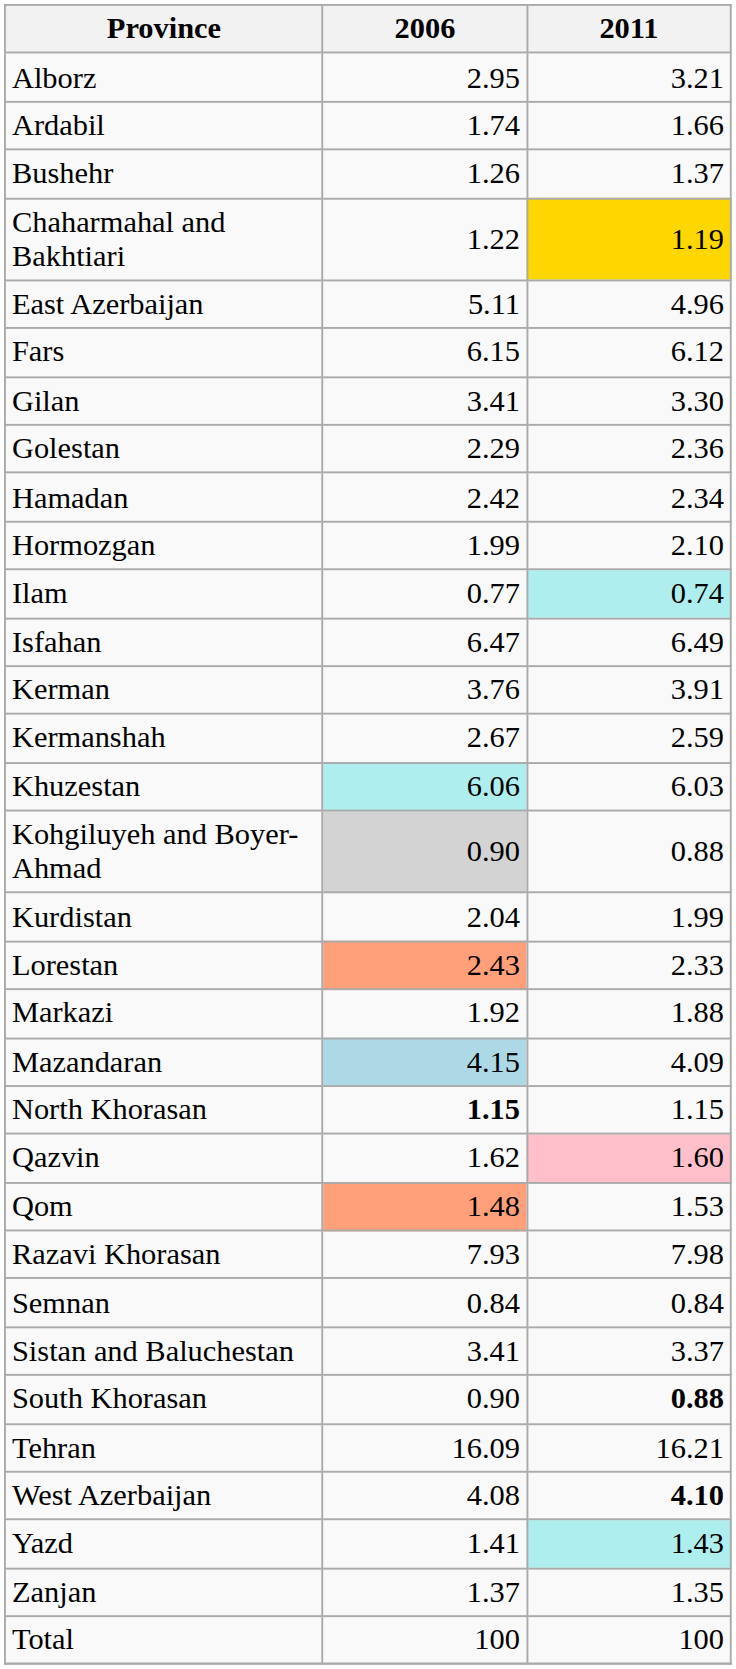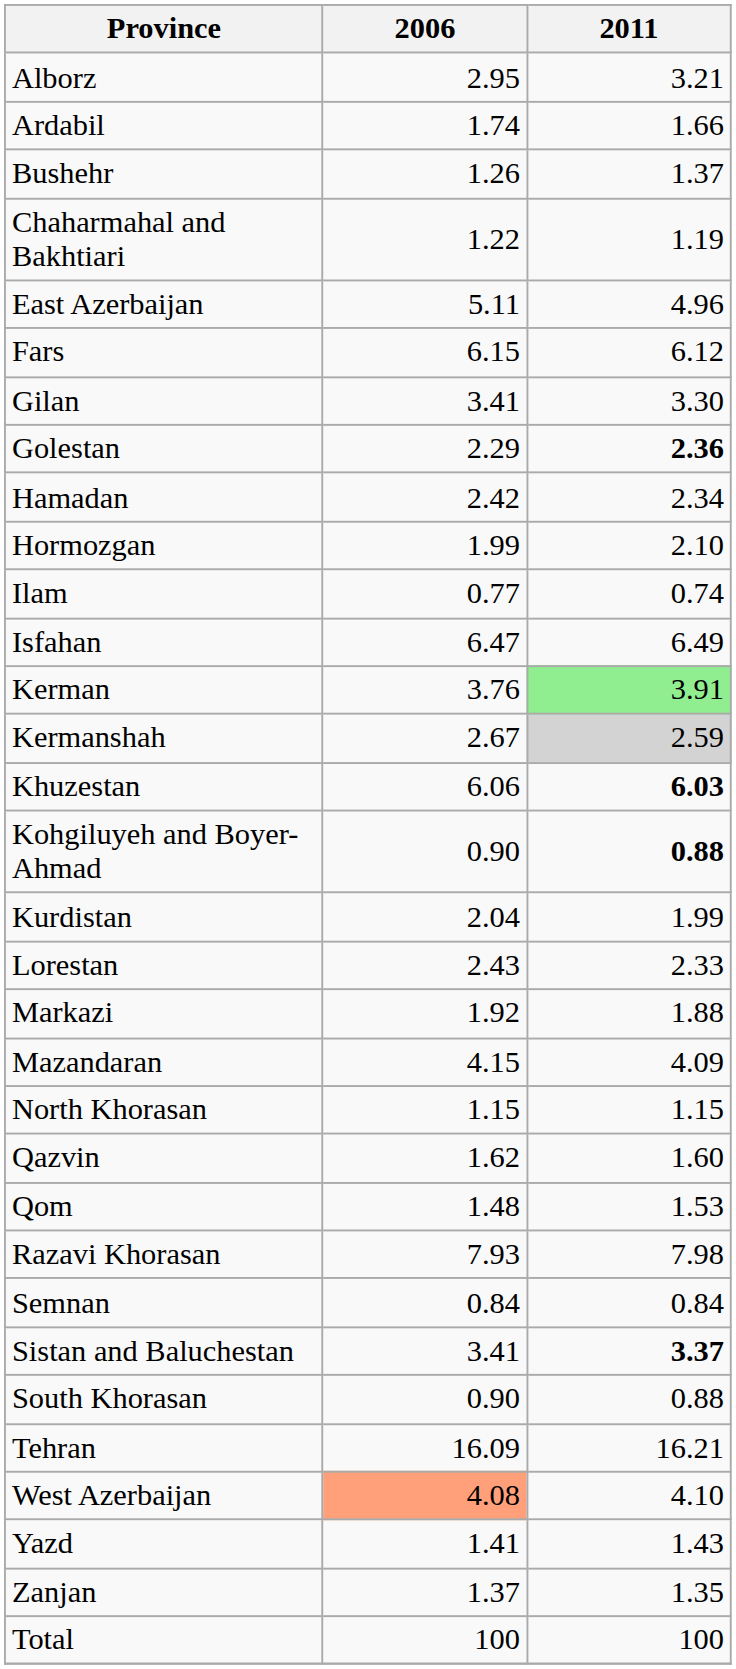 <table class="wikitable sortable">
 <tr>
 <th width="160">Province</th>
 <th width="100">2006</th>
 <th width="100">2011</th>
 </tr>
 <tr>
 <td align="left">Alborz</td>
 <td align="right">2.95</td>
 <td align="right">3.21</td>
 </tr>
 <tr>
 <td align="left">Ardabil</td>
 <td align="right">1.74</td>
 <td align="right">1.66</td>
 </tr>
 <tr>
 <td align="left">Bushehr</td>
 <td align="right">1.26</td>
 <td align="right">1.37</td>
 </tr>
 <tr>
 <td align="left">Chaharmahal and Bakhtiari</td>
 <td align="right">1.22</td>
-<td align="right" style="background: gold;">1.19</td>
+<td align="right">1.19</td>
 </tr>
 <tr>
 <td align="left">East Azerbaijan</td>
 <td align="right">5.11</td>
 <td align="right">4.96</td>
 </tr>
 <tr>
 <td align="left">Fars</td>
 <td align="right">6.15</td>
 <td align="right">6.12</td>
 </tr>
 <tr>
 <td align="left">Gilan</td>
 <td align="right">3.41</td>
 <td align="right">3.30</td>
 </tr>
 <tr>
 <td align="left">Golestan</td>
 <td align="right">2.29</td>
-<td align="right">2.36</td>
+<td align="right"><strong>2.36</strong></td>
 </tr>
 <tr>
 <td align="left">Hamadan</td>
 <td align="right">2.42</td>
 <td align="right">2.34</td>
 </tr>
 <tr>
 <td align="left">Hormozgan</td>
 <td align="right">1.99</td>
 <td align="right">2.10</td>
 </tr>
 <tr>
 <td align="left">Ilam</td>
 <td align="right">0.77</td>
-<td align="right" style="background: paleturquoise;">0.74</td>
+<td align="right">0.74</td>
 </tr>
 <tr>
 <td align="left">Isfahan</td>
 <td align="right">6.47</td>
 <td align="right">6.49</td>
 </tr>
 <tr>
 <td align="left">Kerman</td>
 <td align="right">3.76</td>
-<td align="right">3.91</td>
+<td align="right" style="background: lightgreen;">3.91</td>
 </tr>
 <tr>
 <td align="left">Kermanshah</td>
 <td align="right">2.67</td>
-<td align="right">2.59</td>
+<td align="right" style="background: lightgrey;">2.59</td>
 </tr>
 <tr>
 <td align="left">Khuzestan</td>
-<td align="right" style="background: paleturquoise;">6.06</td>
-<td align="right">6.03</td>
+<td align="right">6.06</td>
+<td align="right"><strong>6.03</strong></td>
 </tr>
 <tr>
 <td align="left">Kohgiluyeh and Boyer-Ahmad</td>
-<td align="right" style="background: lightgrey;">0.90</td>
-<td align="right">0.88</td>
+<td align="right">0.90</td>
+<td align="right"><strong>0.88</strong></td>
 </tr>
 <tr>
 <td align="left">Kurdistan</td>
 <td align="right">2.04</td>
 <td align="right">1.99</td>
 </tr>
 <tr>
 <td align="left">Lorestan</td>
-<td align="right" style="background: lightsalmon;">2.43</td>
+<td align="right">2.43</td>
 <td align="right">2.33</td>
 </tr>
 <tr>
 <td align="left">Markazi</td>
 <td align="right">1.92</td>
 <td align="right">1.88</td>
 </tr>
 <tr>
 <td align="left">Mazandaran</td>
-<td align="right" style="background: lightblue;">4.15</td>
+<td align="right">4.15</td>
 <td align="right">4.09</td>
 </tr>
 <tr>
 <td align="left">North Khorasan</td>
-<td align="right"><strong>1.15</strong></td>
+<td align="right">1.15</td>
 <td align="right">1.15</td>
 </tr>
 <tr>
 <td align="left">Qazvin</td>
 <td align="right">1.62</td>
-<td align="right" style="background: pink;">1.60</td>
+<td align="right">1.60</td>
 </tr>
 <tr>
 <td align="left">Qom</td>
-<td align="right" style="background: lightsalmon;">1.48</td>
+<td align="right">1.48</td>
 <td align="right">1.53</td>
 </tr>
 <tr>
 <td align="left">Razavi Khorasan</td>
 <td align="right">7.93</td>
 <td align="right">7.98</td>
 </tr>
 <tr>
 <td align="left">Semnan</td>
 <td align="right">0.84</td>
 <td align="right">0.84</td>
 </tr>
 <tr>
 <td align="left">Sistan and Baluchestan</td>
 <td align="right">3.41</td>
-<td align="right">3.37</td>
+<td align="right"><strong>3.37</strong></td>
 </tr>
 <tr>
 <td align="left">South Khorasan</td>
 <td align="right">0.90</td>
-<td align="right"><strong>0.88</strong></td>
+<td align="right">0.88</td>
 </tr>
 <tr>
 <td align="left">Tehran</td>
 <td align="right">16.09</td>
 <td align="right">16.21</td>
 </tr>
 <tr>
 <td align="left">West Azerbaijan</td>
-<td align="right">4.08</td>
-<td align="right"><strong>4.10</strong></td>
+<td align="right" style="background: lightsalmon;">4.08</td>
+<td align="right">4.10</td>
 </tr>
 <tr>
 <td align="left">Yazd</td>
 <td align="right">1.41</td>
-<td align="right" style="background: paleturquoise;">1.43</td>
+<td align="right">1.43</td>
 </tr>
 <tr>
 <td align="left">Zanjan</td>
 <td align="right">1.37</td>
 <td align="right">1.35</td>
 </tr>
 <tr>
 <td align="left">Total</td>
 <td align="right">100</td>
 <td align="right">100</td>
 </tr>
 <tr>
 </tr>
 </table>
